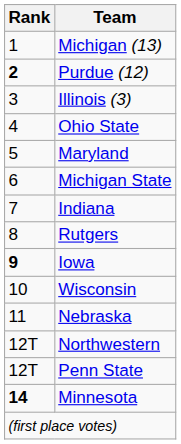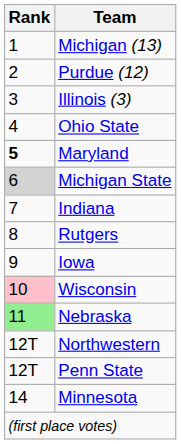 <table class="wikitable">
 <tr>
 <th>Rank</th>
 <th>Team</th>
 </tr>
 <tr>
 <td>1</td>
 <td><a href='#'>Michigan</a> <em>(13)</em></td>
 </tr>
 <tr>
-<td><strong>2</strong></td>
+<td>2</td>
 <td><a href='#'>Purdue</a> <em>(12)</em></td>
 </tr>
 <tr>
 <td>3</td>
 <td><a href='#'>Illinois</a> <em>(3)</em></td>
 </tr>
 <tr>
 <td>4</td>
 <td><a href='#'>Ohio State</a></td>
 </tr>
 <tr>
-<td>5</td>
+<td><strong>5</strong></td>
 <td><a href='#'>Maryland</a></td>
 </tr>
 <tr>
-<td>6</td>
+<td style="background: lightgrey;">6</td>
 <td><a href='#'>Michigan State</a></td>
 </tr>
 <tr>
 <td>7</td>
 <td><a href='#'>Indiana</a></td>
 </tr>
 <tr>
 <td>8</td>
 <td><a href='#'>Rutgers</a></td>
 </tr>
 <tr>
-<td><strong>9</strong></td>
+<td>9</td>
 <td><a href='#'>Iowa</a></td>
 </tr>
 <tr>
-<td>10</td>
+<td style="background: pink;">10</td>
 <td><a href='#'>Wisconsin</a></td>
 </tr>
 <tr>
-<td>11</td>
+<td style="background: lightgreen;">11</td>
 <td><a href='#'>Nebraska</a></td>
 </tr>
 <tr>
 <td>12T</td>
 <td><a href='#'>Northwestern</a></td>
 </tr>
 <tr>
 <td>12T</td>
 <td><a href='#'>Penn State</a></td>
 </tr>
 <tr>
-<td><strong>14</strong></td>
+<td>14</td>
 <td><a href='#'>Minnesota</a></td>
 </tr>
 <tr>
 <td colspan="3" valign="middle"><small><em>(first place votes)</em></small></td>
 </tr>
 </table>
